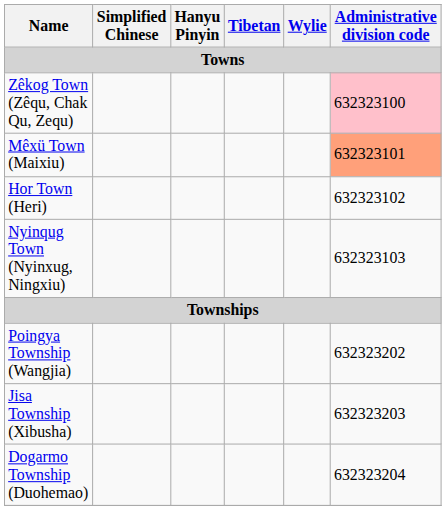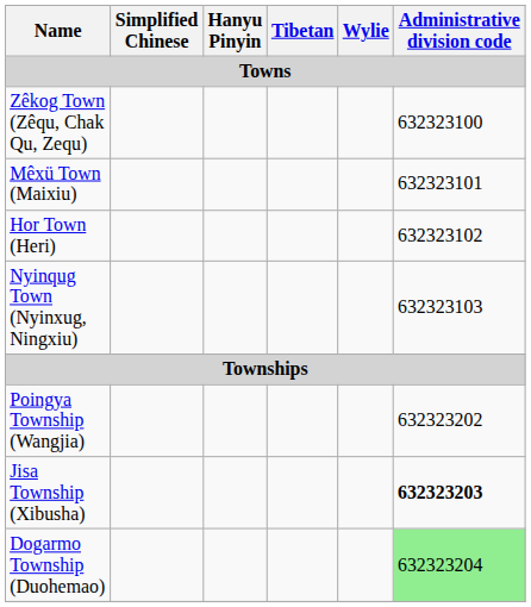 <table class="wikitable" align="center" style="width:50%; border="1">
 <tr>
 <th>Name</th>
 <th>Simplified Chinese</th>
 <th>Hanyu Pinyin</th>
 <th><a href='#'>Tibetan</a></th>
 <th><a href='#'>Wylie</a></th>
 <th><a href='#'>Administrative division code</a></th>
 </tr>
 <tr>
 <td colspan="7"  style="text-align:center; background:#d3d3d3;"><strong>Towns</strong></td>
 </tr>
 <tr --------->
 <td><a href='#'>Zêkog Town</a><br>(Zêqu, Chak Qu, Zequ)</td>
 <td></td>
 <td></td>
 <td></td>
 <td></td>
-<td style="background: pink;">632323100</td>
+<td>632323100</td>
 </tr>
 <tr>
 <td><a href='#'>Mêxü Town</a><br>(Maixiu)</td>
 <td></td>
 <td></td>
 <td></td>
 <td></td>
-<td style="background: lightsalmon;">632323101</td>
+<td>632323101</td>
 </tr>
 <tr>
 <td><a href='#'>Hor Town</a><br>(Heri)</td>
 <td></td>
 <td></td>
 <td></td>
 <td></td>
 <td>632323102</td>
 </tr>
 <tr>
 <td><a href='#'>Nyinqug Town</a><br>(Nyinxug, Ningxiu)</td>
 <td></td>
 <td></td>
 <td></td>
 <td></td>
 <td>632323103</td>
 </tr>
 <tr>
 <td colspan="7"  style="text-align:center; background:#d3d3d3;"><strong>Townships</strong></td>
 </tr>
 <tr --------->
 <td><a href='#'>Poingya Township</a><br>(Wangjia)</td>
 <td></td>
 <td></td>
 <td></td>
 <td></td>
 <td>632323202</td>
 </tr>
 <tr>
 <td><a href='#'>Jisa Township</a><br>(Xibusha)</td>
 <td></td>
 <td></td>
 <td></td>
 <td></td>
-<td>632323203</td>
+<td><strong>632323203</strong></td>
 </tr>
 <tr>
 <td><a href='#'>Dogarmo Township</a><br>(Duohemao)</td>
 <td></td>
 <td></td>
 <td></td>
 <td></td>
-<td>632323204</td>
+<td style="background: lightgreen;">632323204</td>
 </tr>
 <tr>
 </tr>
 </table>
